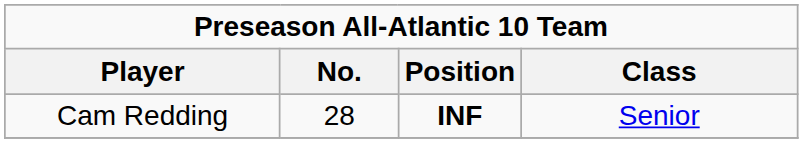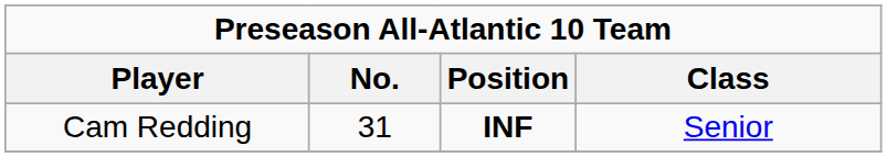 <table class="wikitable" style="text-align:center">
 <tr>
 <td colspan="5"><strong>Preseason All-Atlantic 10 Team</strong></td>
 </tr>
 <tr>
 <th style="width:150px; ">Player</th>
 <th style="width:60px; ">No.</th>
 <th style="width:60px; ">Position</th>
 <th style="width:150px; ">Class</th>
 </tr>
 <tr>
 <td>Cam Redding</td>
-<td>28</td>
+<td>31</td>
 <td><strong>INF</strong></td>
 <td><a href='#'>Senior</a></td>
 </tr>
 <tr>
 </tr>
 </table>
